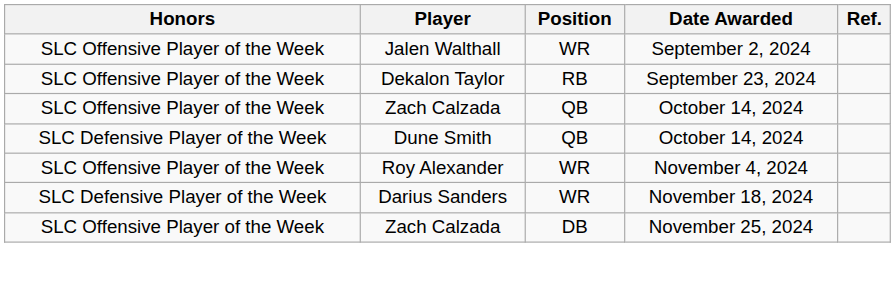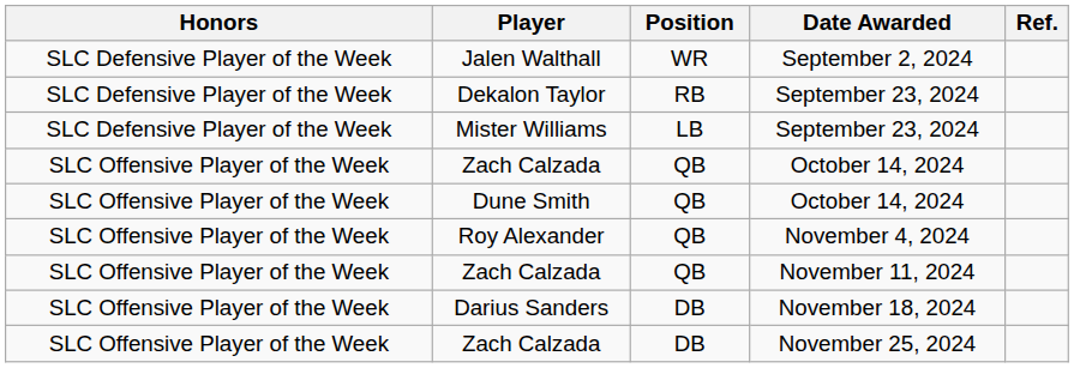 <table class="wikitable" style="width: 60%;text-align: center;">
 <tr>
 <th>Honors</th>
 <th>Player</th>
 <th>Position</th>
 <th>Date Awarded</th>
 <th>Ref.</th>
 </tr>
 <tr align="center">
-<td rowspan="1">SLC Offensive Player of the Week</td>
+<td rowspan="1">SLC Defensive Player of the Week</td>
 <td>Jalen Walthall</td>
 <td>WR</td>
 <td>September 2, 2024</td>
 <td></td>
 </tr>
 <tr align="center">
-<td rowspan="1">SLC Offensive Player of the Week</td>
+<td rowspan="1">SLC Defensive Player of the Week</td>
 <td>Dekalon Taylor</td>
 <td>RB</td>
+<td>September 23, 2024</td>
+<td></td>
+</tr>
+<tr align="center">
+<td rowspan="1">SLC Defensive Player of the Week</td>
+<td>Mister Williams</td>
+<td>LB</td>
 <td>September 23, 2024</td>
 <td></td>
 </tr>
 <tr align="center">
 <td rowspan="1">SLC Offensive Player of the Week</td>
 <td>Zach Calzada</td>
 <td>QB</td>
 <td>October 14, 2024</td>
 <td></td>
 </tr>
 <tr align="center">
-<td rowspan="1">SLC Defensive Player of the Week</td>
+<td rowspan="1">SLC Offensive Player of the Week</td>
 <td>Dune Smith</td>
 <td>QB</td>
 <td>October 14, 2024</td>
 <td></td>
 </tr>
 <tr align="center">
 <td rowspan="1">SLC Offensive Player of the Week</td>
 <td>Roy Alexander</td>
-<td>WR</td>
+<td>QB</td>
 <td>November 4, 2024</td>
 <td></td>
 </tr>
 <tr align="center">
-<td rowspan="1">SLC Defensive Player of the Week</td>
+<td rowspan="1">SLC Offensive Player of the Week</td>
+<td>Zach Calzada</td>
+<td>QB</td>
+<td>November 11, 2024</td>
+<td></td>
+</tr>
+<tr align="center">
+<td rowspan="1">SLC Offensive Player of the Week</td>
 <td>Darius Sanders</td>
-<td>WR</td>
+<td>DB</td>
 <td>November 18, 2024</td>
 <td></td>
 </tr>
 <tr align="center">
 <td rowspan="1">SLC Offensive Player of the Week</td>
 <td>Zach Calzada</td>
 <td>DB</td>
 <td>November 25, 2024</td>
 <td></td>
 </tr>
 </table>
